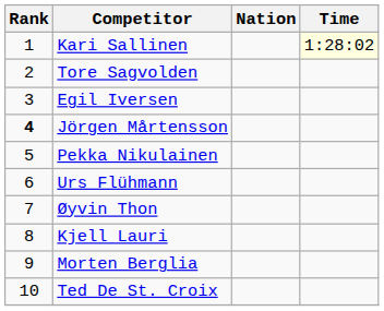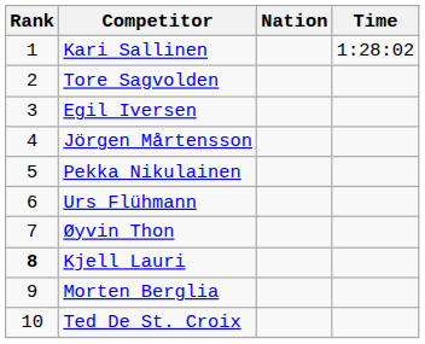 <table class="wikitable sortable" style="text-align:left">
 <tr>
 <th data-sort-type="number">Rank</th>
 <th class="unsortable">Competitor</th>
 <th>Nation</th>
 <th>Time</th>
 </tr>
 <tr>
 <td style="text-align:center">1</td>
 <td><a href='#'>Kari Sallinen</a></td>
 <td></td>
-<td style="background: lightyellow; text-align:right">1:28:02</td>
+<td style="text-align:right">1:28:02</td>
 </tr>
 <tr>
 <td style="text-align:center">2</td>
 <td><a href='#'>Tore Sagvolden</a></td>
 <td></td>
 <td style="text-align:right"></td>
 </tr>
 <tr>
 <td style="text-align:center">3</td>
 <td><a href='#'>Egil Iversen</a></td>
 <td></td>
 <td style="text-align:right"></td>
 </tr>
 <tr>
-<td style="text-align:center"><strong>4</strong></td>
+<td style="text-align:center">4</td>
 <td><a href='#'>Jörgen Mårtensson</a></td>
 <td></td>
 <td style="text-align:right"></td>
 </tr>
 <tr>
 <td style="text-align:center">5</td>
 <td><a href='#'>Pekka Nikulainen</a></td>
 <td></td>
 <td style="text-align:right"></td>
 </tr>
 <tr>
 <td style="text-align:center">6</td>
 <td><a href='#'>Urs Flühmann</a></td>
 <td></td>
 <td style="text-align:right"></td>
 </tr>
 <tr>
 <td style="text-align:center">7</td>
 <td><a href='#'>Øyvin Thon</a></td>
 <td></td>
 <td style="text-align:right"></td>
 </tr>
 <tr>
-<td style="text-align:center">8</td>
+<td style="text-align:center"><strong>8</strong></td>
 <td><a href='#'>Kjell Lauri</a></td>
 <td></td>
 <td style="text-align:right"></td>
 </tr>
 <tr>
 <td style="text-align:center">9</td>
 <td><a href='#'>Morten Berglia</a></td>
 <td></td>
 <td style="text-align:right"></td>
 </tr>
 <tr>
 <td style="text-align:center">10</td>
 <td><a href='#'>Ted De St. Croix</a></td>
 <td></td>
 <td style="text-align:right"></td>
 </tr>
 <tr>
 </tr>
 </table>
